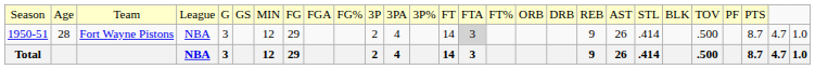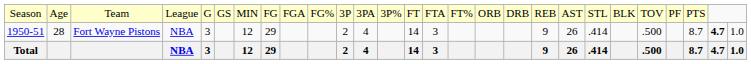 <table class="wikitable" style="font-size:85%; text-align:center;">
 <tr bgcolor="#FFFFCC">
 <td>Season</td>
 <td>Age</td>
 <td>Team</td>
 <td>League</td>
 <td>G</td>
 <td>GS</td>
 <td>MIN</td>
 <td>FG</td>
 <td>FGA</td>
 <td>FG%</td>
 <td>3P</td>
 <td>3PA</td>
 <td>3P%</td>
 <td>FT</td>
 <td>FTA</td>
 <td>FT%</td>
 <td>ORB</td>
 <td>DRB</td>
 <td>REB</td>
 <td>AST</td>
 <td>STL</td>
 <td>BLK</td>
 <td>TOV</td>
 <td>PF</td>
 <td>PTS</td>
 </tr>
 <tr>
 <td><a href='#'>1950-51</a></td>
 <td>28</td>
 <td><a href='#'>Fort Wayne Pistons</a></td>
 <td><a href='#'>NBA</a></td>
 <td>3</td>
 <td></td>
 <td>12</td>
 <td>29</td>
 <td></td>
 <td></td>
 <td>2</td>
 <td>4</td>
 <td></td>
 <td>14</td>
-<td style="background: lightgrey;">3</td>
+<td>3</td>
 <td></td>
 <td></td>
 <td></td>
 <td>9</td>
 <td>26</td>
 <td>.414</td>
 <td></td>
 <td>.500</td>
 <td></td>
 <td>8.7</td>
-<td>4.7</td>
+<td><strong>4.7</strong></td>
 <td>1.0</td>
 </tr>
 <tr class="unsortable">
 <th>Total</th>
 <th></th>
 <th></th>
 <th><a href='#'>NBA</a></th>
 <th>3</th>
 <th></th>
 <th>12</th>
 <th>29</th>
 <th></th>
 <th></th>
 <th>2</th>
 <th>4</th>
 <th></th>
 <th>14</th>
 <th>3</th>
 <th></th>
 <th></th>
 <th></th>
 <th>9</th>
 <th>26</th>
 <th>.414</th>
 <th></th>
 <th>.500</th>
 <th></th>
 <th>8.7</th>
 <th>4.7</th>
 <th>1.0</th>
 </tr>
 </table>
